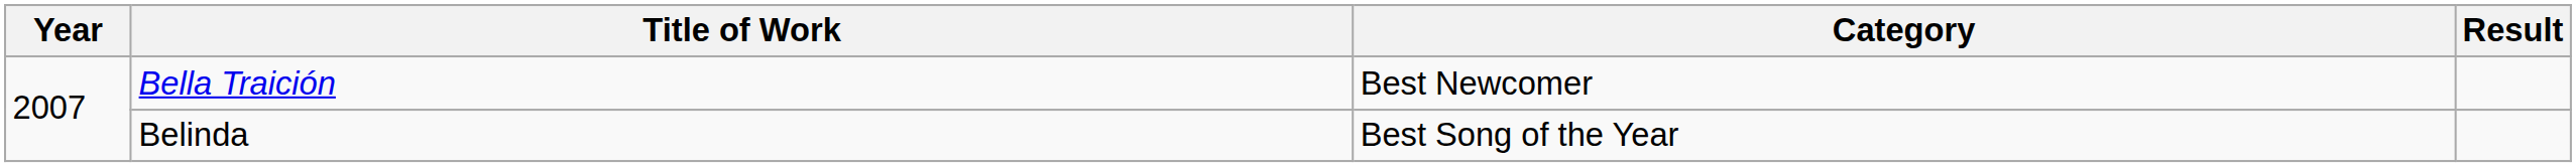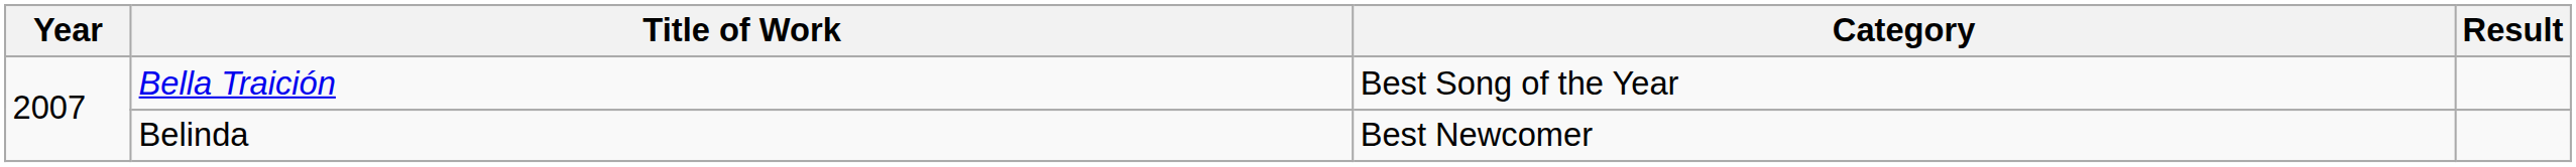 <table class="wikitable" style="table-layout: fixed;">
 <tr>
 <th style="width:5%;">Year</th>
 <th style="width:50%;">Title of Work</th>
 <th style="width:50%;">Category</th>
 <th style="width:10%;">Result</th>
 </tr>
 <tr>
 <td rowspan=2>2007</td>
 <td><em><a href='#'>Bella Traición</a></em></td>
-<td>Best Newcomer</td>
+<td>Best Song of the Year</td>
 <td></td>
 </tr>
 <tr>
 <td>Belinda</td>
-<td>Best Song of the Year</td>
+<td>Best Newcomer</td>
 <td></td>
 </tr>
 </table>
